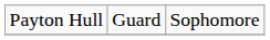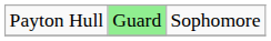 <table class="wikitable" border="1">
 <tr align=center>
 </tr>
 <tr>
 <td>Payton Hull</td>
-<td>Guard</td>
+<td style="background: lightgreen;">Guard</td>
 <td>Sophomore</td>
 </tr>
 <tr>
 </tr>
 </table>
